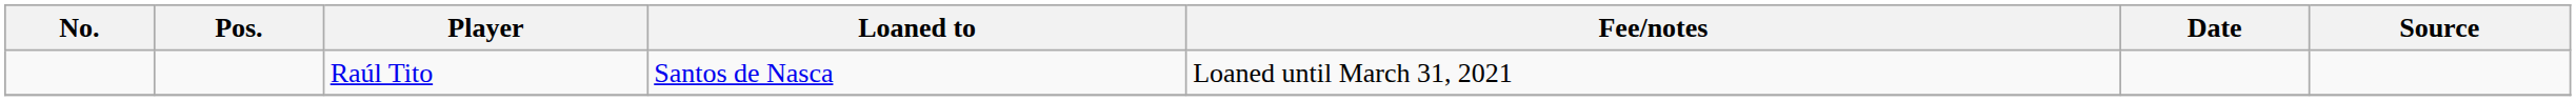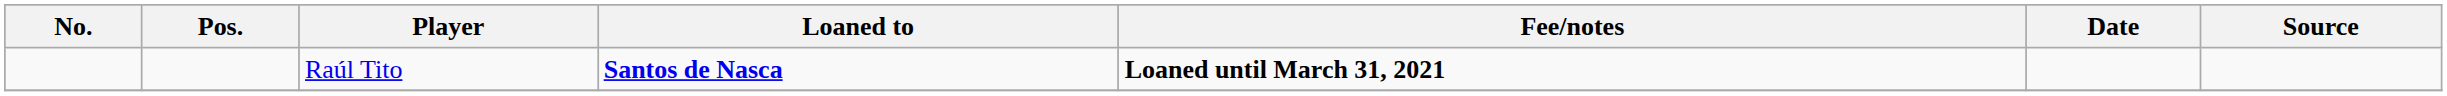 <table class="wikitable sortable" style="width:90%; text-align:center; font-size:95%; text-align:left;">
 <tr>
 <th>No.</th>
 <th>Pos.</th>
 <th>Player</th>
 <th>Loaned to</th>
 <th>Fee/notes</th>
 <th>Date</th>
 <th>Source</th>
 </tr>
 <tr>
 <td align=center></td>
 <td align=center></td>
 <td align=Tito, Raúl> <a href='#'>Raúl Tito</a></td>
-<td> <a href='#'>Santos de Nasca</a></td>
-<td>Loaned until March 31, 2021</td>
+<td><strong> <a href='#'>Santos de Nasca</a></strong></td>
+<td><strong>Loaned until March 31, 2021</strong></td>
 <td></td>
 <td></td>
 </tr>
 <tr>
 </tr>
 </table>
